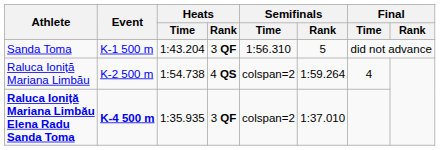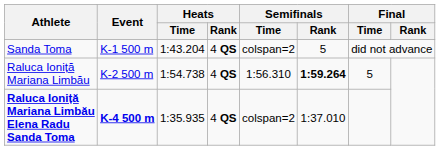 <table class=wikitable style="font-size:90%">
 <tr>
 <th rowspan="2">Athlete</th>
 <th rowspan="2">Event</th>
 <th colspan="2">Heats</th>
 <th colspan="2">Semifinals</th>
 <th colspan="2">Final</th>
 </tr>
 <tr style="font-size:95%">
 <th>Time</th>
 <th>Rank</th>
 <th>Time</th>
 <th>Rank</th>
 <th>Time</th>
 <th>Rank</th>
 </tr>
 <tr align=center>
 <td align=left rowspan=1><a href='#'>Sanda Toma</a></td>
 <td align=left><a href='#'>K-1 500 m</a></td>
 <td>1:43.204</td>
-<td>3 <strong>QF</strong></td>
-<td>1:56.310</td>
+<td>4 <strong>QS</strong></td>
+<td>colspan=2 </td>
 <td>5</td>
 <td colspan=2>did not advance</td>
 </tr>
 <tr align=center>
 <td align=left rowspan=1><a href='#'>Raluca Ioniță</a><br><a href='#'>Mariana Limbău</a></td>
 <td align=left><a href='#'>K-2 500 m</a></td>
 <td>1:54.738</td>
 <td>4 <strong>QS</strong></td>
-<td>colspan=2 </td>
-<td>1:59.264</td>
-<td>4</td>
+<td>1:56.310</td>
+<td><strong>1:59.264</strong></td>
+<td>5</td>
 </tr>
 <tr align=center>
 <td align=left rowspan=1><strong><a href='#'>Raluca Ioniță</a><br><a href='#'>Mariana Limbău</a><br><a href='#'>Elena Radu</a><br><a href='#'>Sanda Toma</a></strong></td>
 <td align=left><strong><a href='#'>K-4 500 m</a></strong></td>
 <td>1:35.935</td>
-<td>3 <strong>QF</strong></td>
+<td>4 <strong>QS</strong></td>
 <td>colspan=2 </td>
 <td>1:37.010</td>
 <td></td>
 </tr>
 </table>
